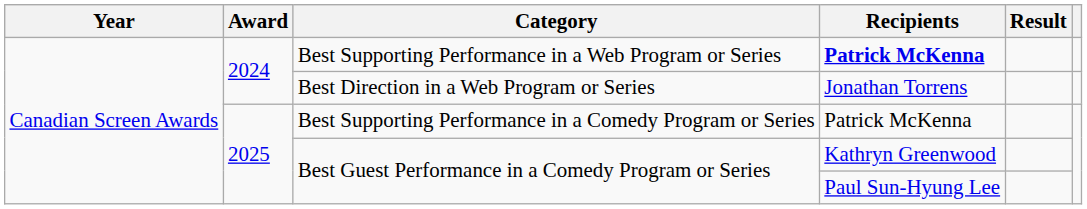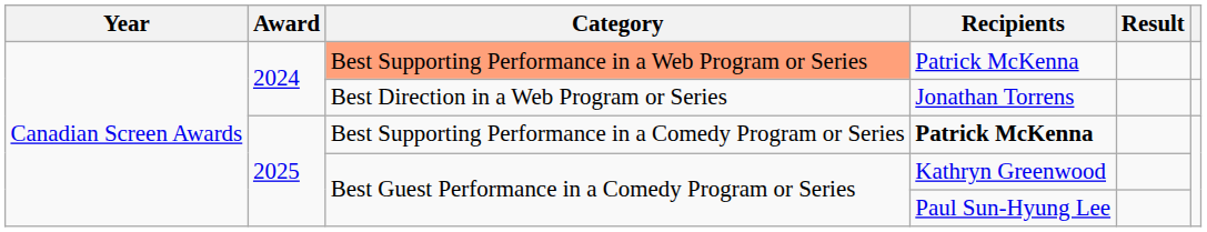 <table class="wikitable sortable">
 <tr style="background:#ccc; text-align:center;">
 <th>Year</th>
 <th>Award</th>
 <th>Category</th>
 <th>Recipients</th>
 <th>Result</th>
 <th class="unsortable"></th>
 </tr>
 <tr>
 <td rowspan=5><a href='#'>Canadian Screen Awards</a></td>
 <td rowspan=2><a href='#'>2024</a></td>
-<td>Best Supporting Performance in a Web Program or Series</td>
-<td><strong><a href='#'>Patrick McKenna</a></strong></td>
+<td style="background: lightsalmon;">Best Supporting Performance in a Web Program or Series</td>
+<td><a href='#'>Patrick McKenna</a></td>
 <td></td>
 <td></td>
 </tr>
 <tr>
 <td>Best Direction in a Web Program or Series</td>
 <td><a href='#'>Jonathan Torrens</a></td>
 <td></td>
 </tr>
 <tr>
 <td rowspan=3><a href='#'>2025</a></td>
 <td>Best Supporting Performance in a Comedy Program or Series</td>
-<td>Patrick McKenna</td>
+<td><strong>Patrick McKenna</strong></td>
 <td></td>
 <td rowspan=3></td>
 </tr>
 <tr>
 <td rowspan=2>Best Guest Performance in a Comedy Program or Series</td>
 <td><a href='#'>Kathryn Greenwood</a></td>
 <td></td>
 </tr>
 <tr>
 <td><a href='#'>Paul Sun-Hyung Lee</a></td>
 <td></td>
 </tr>
 </table>
